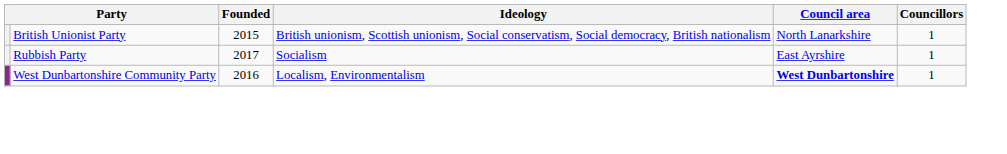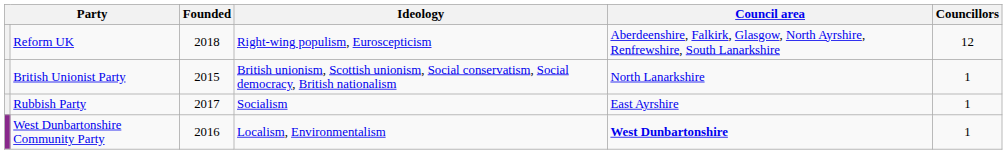 <table class ="wikitable sortable">
 <tr>
 <th colspan="2" scope="col" class="unsortable"  style="width:20px; text-align:center;">Party</th>
 <th scope="col" class="unsortable">Founded</th>
 <th scope="col" class="unsortable">Ideology</th>
 <th scope="col" class="unsortable"><a href='#'>Council area</a></th>
 <th data-sort-type="number">Councillors</th>
+</tr>
+<tr>
+<th style="background-color: "></th>
+<td><a href='#'>Reform UK</a></td>
+<td align=center>2018</td>
+<td><a href='#'>Right-wing populism</a>, <a href='#'>Euroscepticism</a></td>
+<td><a href='#'>Aberdeenshire</a>, <a href='#'>Falkirk</a>, <a href='#'>Glasgow</a>, <a href='#'>North Ayrshire</a>, <a href='#'>Renfrewshire</a>, <a href='#'>South Lanarkshire</a></td>
+<td align=center>12</td>
 </tr>
 <tr>
 <th style="background-color: "></th>
 <td><a href='#'>British Unionist Party</a></td>
 <td align=center>2015</td>
 <td><a href='#'>British unionism</a>, <a href='#'>Scottish unionism</a>, <a href='#'>Social conservatism</a>, <a href='#'>Social democracy</a>, <a href='#'>British nationalism</a></td>
 <td><a href='#'>North Lanarkshire</a></td>
 <td align=center>1</td>
 </tr>
 <tr>
 <th style="background-color: "></th>
 <td><a href='#'>Rubbish Party</a></td>
 <td align=center>2017</td>
 <td><a href='#'>Socialism</a></td>
 <td><a href='#'>East Ayrshire</a></td>
 <td align=center>1</td>
 </tr>
 <tr>
 <th style="background-color: #88288b"></th>
 <td><a href='#'>West Dunbartonshire Community Party</a></td>
 <td align=center>2016</td>
 <td><a href='#'>Localism</a>, <a href='#'>Environmentalism</a></td>
 <td><strong><a href='#'>West Dunbartonshire</a></strong></td>
 <td align=center>1</td>
 </tr>
 </table>
